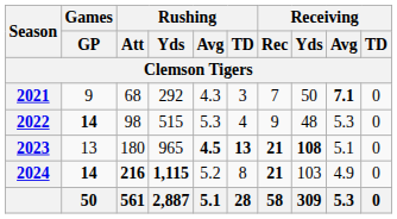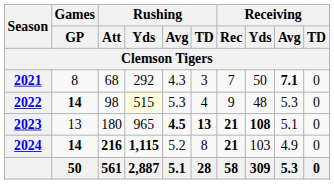 <table class="wikitable" style="text-align:center;">
 <tr>
 <th rowspan="2">Season</th>
 <th colspan="1">Games</th>
 <th colspan="4">Rushing</th>
 <th colspan="4">Receiving</th>
 </tr>
 <tr>
 <th>GP</th>
 <th>Att</th>
 <th>Yds</th>
 <th>Avg</th>
 <th>TD</th>
 <th>Rec</th>
 <th>Yds</th>
 <th>Avg</th>
 <th>TD</th>
 </tr>
 <tr>
 <th colspan="10">Clemson Tigers</th>
 </tr>
 <tr>
 <th><a href='#'>2021</a></th>
-<td>9</td>
+<td>8</td>
 <td>68</td>
 <td>292</td>
 <td>4.3</td>
 <td>3</td>
 <td>7</td>
 <td>50</td>
 <td><strong>7.1</strong></td>
 <td>0</td>
 </tr>
 <tr>
 <th><a href='#'>2022</a></th>
 <td><strong>14</strong></td>
 <td>98</td>
-<td>515</td>
+<td style="background: lightyellow;">515</td>
 <td>5.3</td>
 <td>4</td>
 <td>9</td>
 <td>48</td>
 <td>5.3</td>
 <td>0</td>
 </tr>
 <tr>
 <th><a href='#'>2023</a></th>
 <td>13</td>
 <td>180</td>
 <td>965</td>
 <td><strong>4.5</strong></td>
 <td><strong>13</strong></td>
 <td><strong>21</strong></td>
 <td><strong>108</strong></td>
 <td>5.1</td>
 <td>0</td>
 </tr>
 <tr>
 <th><a href='#'>2024</a></th>
 <td><strong>14</strong></td>
 <td><strong>216</strong></td>
 <td><strong>1,115</strong></td>
 <td>5.2</td>
 <td>8</td>
 <td><strong>21</strong></td>
 <td>103</td>
 <td>4.9</td>
 <td>0</td>
 </tr>
 <tr>
 <th></th>
 <th>50</th>
 <th>561</th>
 <th>2,887</th>
 <th>5.1</th>
 <th>28</th>
 <th>58</th>
 <th>309</th>
 <th>5.3</th>
 <th>0</th>
 </tr>
 </table>
